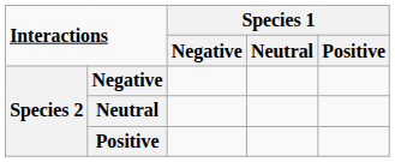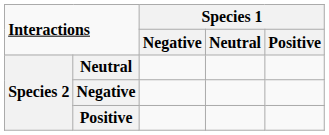 <table class="wikitable">
 <tr>
 <td colspan="2" rowspan="2"><strong><u>Interactions</u></strong></td>
 <th colspan="3">Species 1</th>
 </tr>
 <tr>
 <th>Negative</th>
 <th>Neutral</th>
 <th>Positive</th>
 </tr>
 <tr>
 <th rowspan="3">Species 2</th>
-<th><strong>Negative</strong></th>
+<th><strong>Neutral</strong></th>
 <td></td>
 <td></td>
 <td></td>
 </tr>
 <tr>
-<th><strong>Neutral</strong></th>
+<th><strong>Negative</strong></th>
 <td></td>
 <td></td>
 <td></td>
 </tr>
 <tr>
 <th><strong>Positive</strong></th>
 <td></td>
 <td></td>
 <td></td>
 </tr>
 </table>
